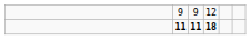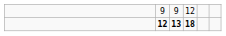 <table class="wikitable">
 <tr>
 <td style="width:18em"></td>
 <td align=center style="width:1em">9</td>
 <td align=center style="width:1em">9</td>
 <td align=center style="width:1em">12</td>
 <td align=center style="width:1em"></td>
 <td align=center style="width:1em"></td>
 </tr>
 <tr>
 <td style="width:18em"></td>
-<td align=center style="width:1em"><strong>11</strong></td>
-<td align=center style="width:1em"><strong>11</strong></td>
+<td align=center style="width:1em"><strong>12</strong></td>
+<td align=center style="width:1em"><strong>13</strong></td>
 <td align=center style="width:1em"><strong>18</strong></td>
 <td align=center style="width:1em"></td>
 <td align=center style="width:1em"></td>
 </tr>
 </table>
